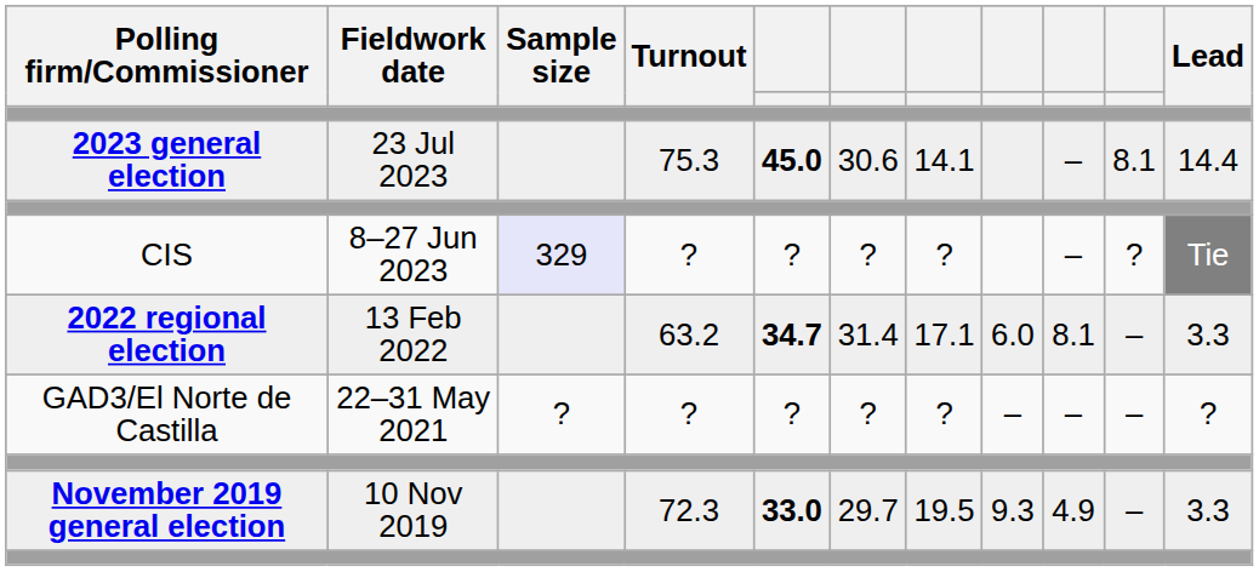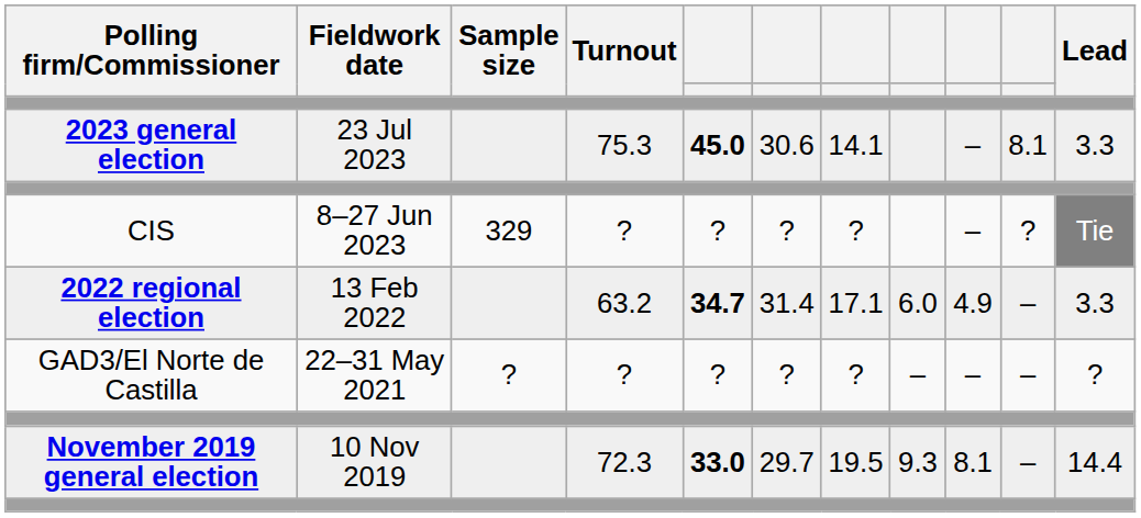 <table class="wikitable collapsible collapsed" style="text-align:center; font-size:95%; line-height:16px;">
 <tr style="height:42px;">
 <th style="width:250px;" rowspan="2">Polling firm/Commissioner</th>
 <th style="width:125px;" rowspan="2">Fieldwork date</th>
 <th style="width:50px;" rowspan="2">Sample size</th>
 <th style="width:45px;" rowspan="2">Turnout</th>
 <th style="width:35px;"></th>
 <th style="width:35px;"></th>
 <th style="width:35px;"></th>
 <th style="width:35px;"></th>
 <th style="width:35px;"></th>
 <th style="width:35px;"></th>
 <th style="width:30px;" rowspan="2">Lead</th>
 </tr>
 <tr>
 <th style="color:inherit;background:"></th>
 <th style="color:inherit;background:"></th>
 <th style="color:inherit;background:"></th>
 <th style="color:inherit;background:"></th>
 <th style="color:inherit;background:"></th>
 <th style="color:inherit;background:"></th>
 </tr>
 <tr>
 <td colspan="11" style="background:#A0A0A0"></td>
 </tr>
 <tr style="background:#EFEFEF;">
 <td><strong><a href='#'>2023 general election</a></strong></td>
 <td>23 Jul 2023</td>
 <td></td>
 <td>75.3</td>
 <td><strong>45.0</strong><br></td>
 <td>30.6<br></td>
 <td>14.1<br></td>
 <td></td>
 <td>–</td>
 <td>8.1<br></td>
-<td style="background:">14.4</td>
+<td style="background:">3.3</td>
 </tr>
 <tr>
 <td colspan="11" style="background:#A0A0A0"></td>
 </tr>
 <tr>
 <td>CIS</td>
 <td>8–27 Jun 2023</td>
-<td style="background: lavender;">329</td>
+<td>329</td>
 <td>?</td>
 <td>?<br></td>
 <td>?<br></td>
 <td>?<br></td>
 <td></td>
 <td>–</td>
 <td>?<br></td>
 <td style="background:gray; color:white;">Tie</td>
 </tr>
 <tr style="background:#EFEFEF;">
 <td><strong><a href='#'>2022 regional election</a></strong></td>
 <td>13 Feb 2022</td>
 <td></td>
 <td>63.2</td>
 <td><strong>34.7</strong><br></td>
 <td>31.4<br></td>
 <td>17.1<br></td>
 <td>6.0<br></td>
-<td>8.1<br></td>
+<td>4.9<br></td>
 <td>–</td>
 <td style="background:">3.3</td>
 </tr>
 <tr>
 <td>GAD3/El Norte de Castilla</td>
 <td>22–31 May 2021</td>
 <td>?</td>
 <td>?</td>
 <td>?<br></td>
 <td>?<br></td>
 <td>?<br></td>
 <td>–</td>
 <td>–</td>
 <td>–</td>
 <td style="background:">?</td>
 </tr>
 <tr>
 <td colspan="11" style="background:#A0A0A0"></td>
 </tr>
 <tr style="background:#EFEFEF;">
 <td><strong><a href='#'>November 2019 general election</a></strong></td>
 <td>10 Nov 2019</td>
 <td></td>
 <td>72.3</td>
 <td><strong>33.0</strong><br></td>
 <td>29.7<br></td>
 <td>19.5<br></td>
 <td>9.3<br></td>
-<td>4.9<br></td>
+<td>8.1<br></td>
 <td>–</td>
-<td style="background:">3.3</td>
+<td style="background:">14.4</td>
 </tr>
 <tr>
 <td colspan="11" style="background:#A0A0A0"></td>
 </tr>
 </table>
